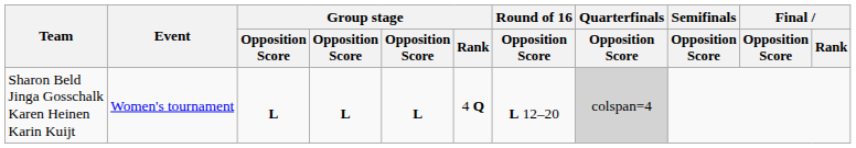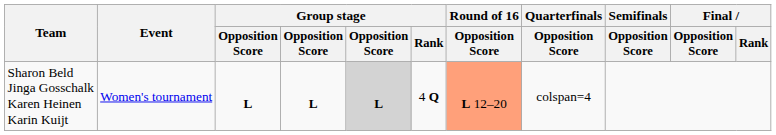 <table class="wikitable" style="text-align:center; font-size:90%">
 <tr>
 <th rowspan=2>Team</th>
 <th rowspan=2>Event</th>
 <th colspan=4>Group stage</th>
 <th>Round of 16</th>
 <th>Quarterfinals</th>
 <th>Semifinals</th>
 <th colspan=2>Final / </th>
 </tr>
 <tr style="font-size:95%">
 <th>Opposition<br>Score</th>
 <th>Opposition<br>Score</th>
 <th>Opposition<br>Score</th>
 <th>Rank</th>
 <th>Opposition<br>Score</th>
 <th>Opposition<br>Score</th>
 <th>Opposition<br>Score</th>
 <th>Opposition<br>Score</th>
 <th>Rank</th>
 </tr>
 <tr>
 <td align=left>Sharon Beld<br>Jinga Gosschalk<br>Karen Heinen<br>Karin Kuijt</td>
 <td align=left><a href='#'>Women's tournament</a></td>
 <td><br><strong>L</strong></td>
 <td><br><strong>L</strong></td>
-<td><br><strong>L</strong></td>
+<td style="background: lightgrey;"><br><strong>L</strong></td>
 <td>4 <strong>Q</strong></td>
-<td><br><strong>L</strong> 12–20</td>
-<td style="background: lightgrey;">colspan=4 </td>
+<td style="background: lightsalmon;"><br><strong>L</strong> 12–20</td>
+<td>colspan=4 </td>
 </tr>
 </table>
